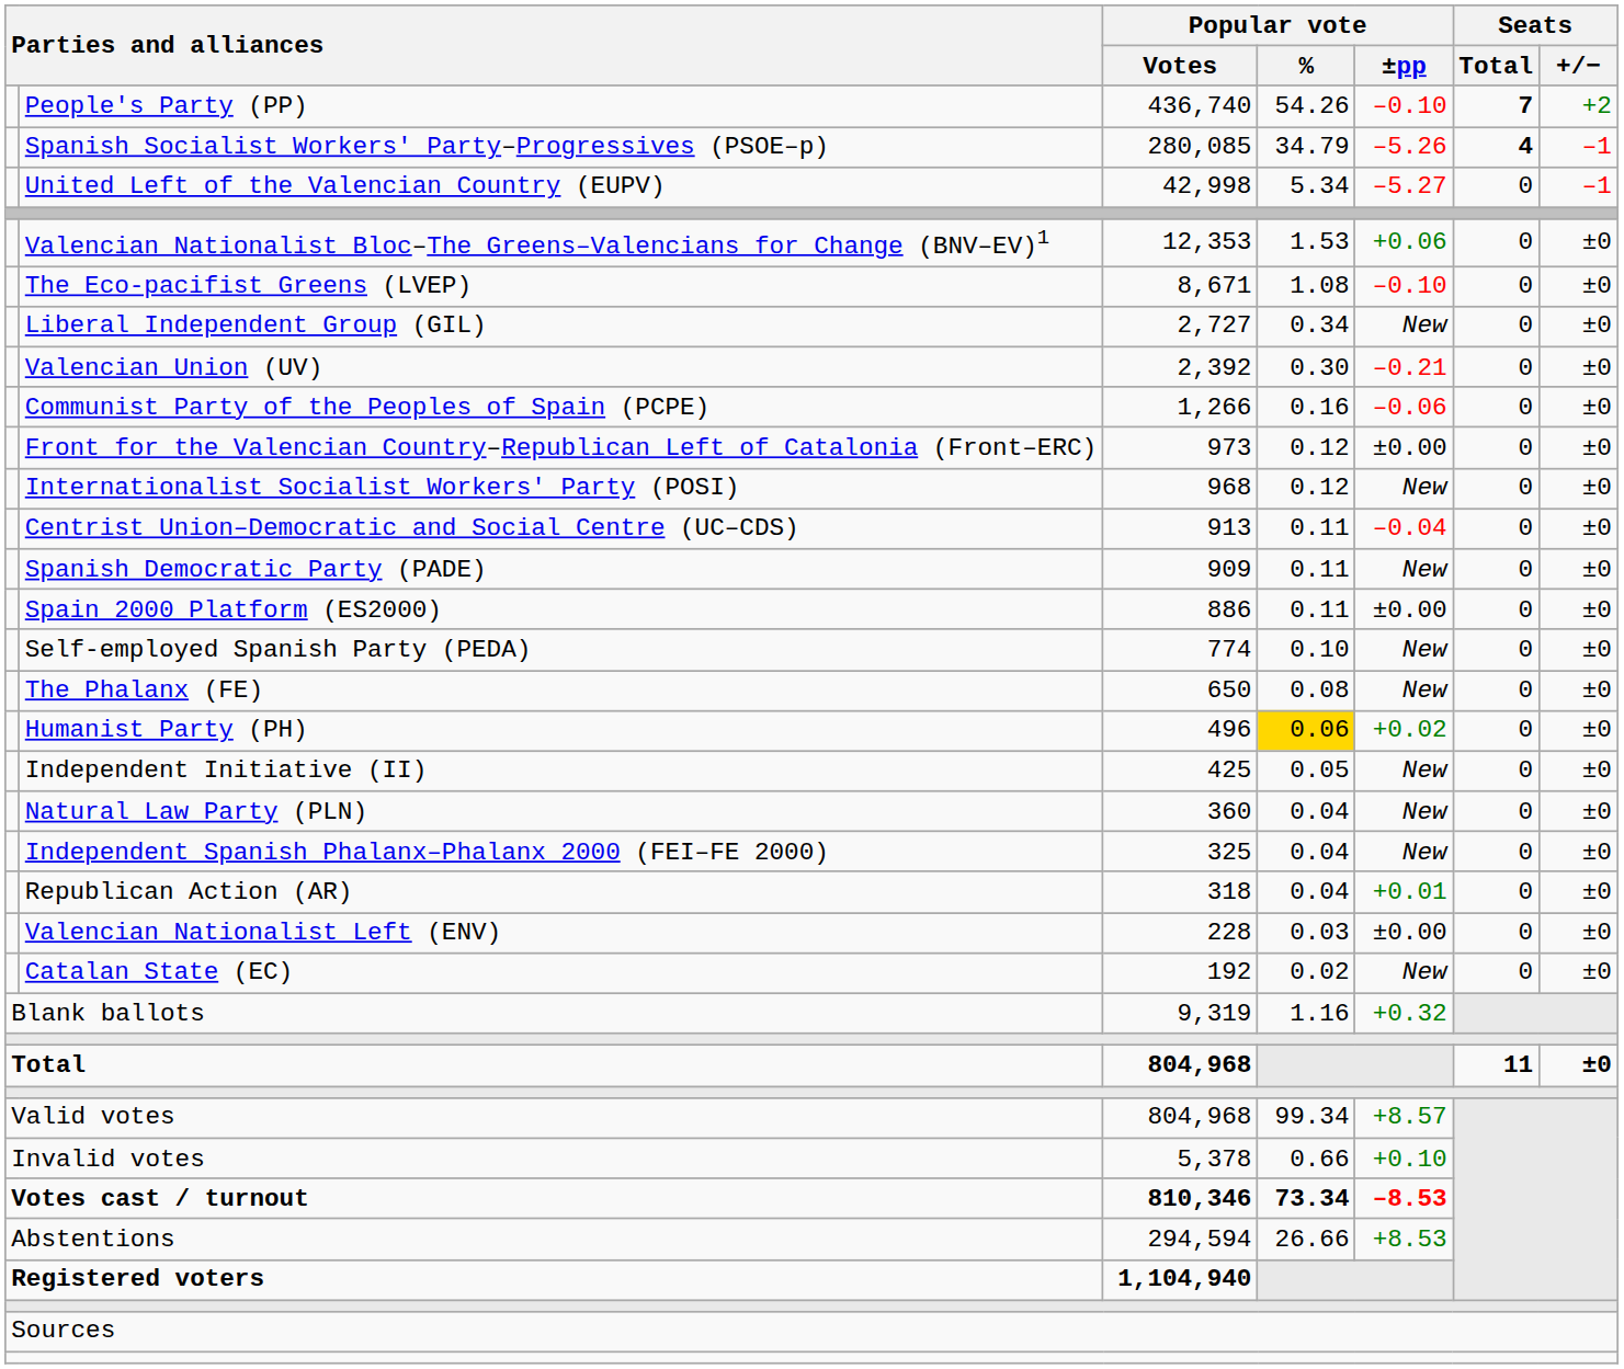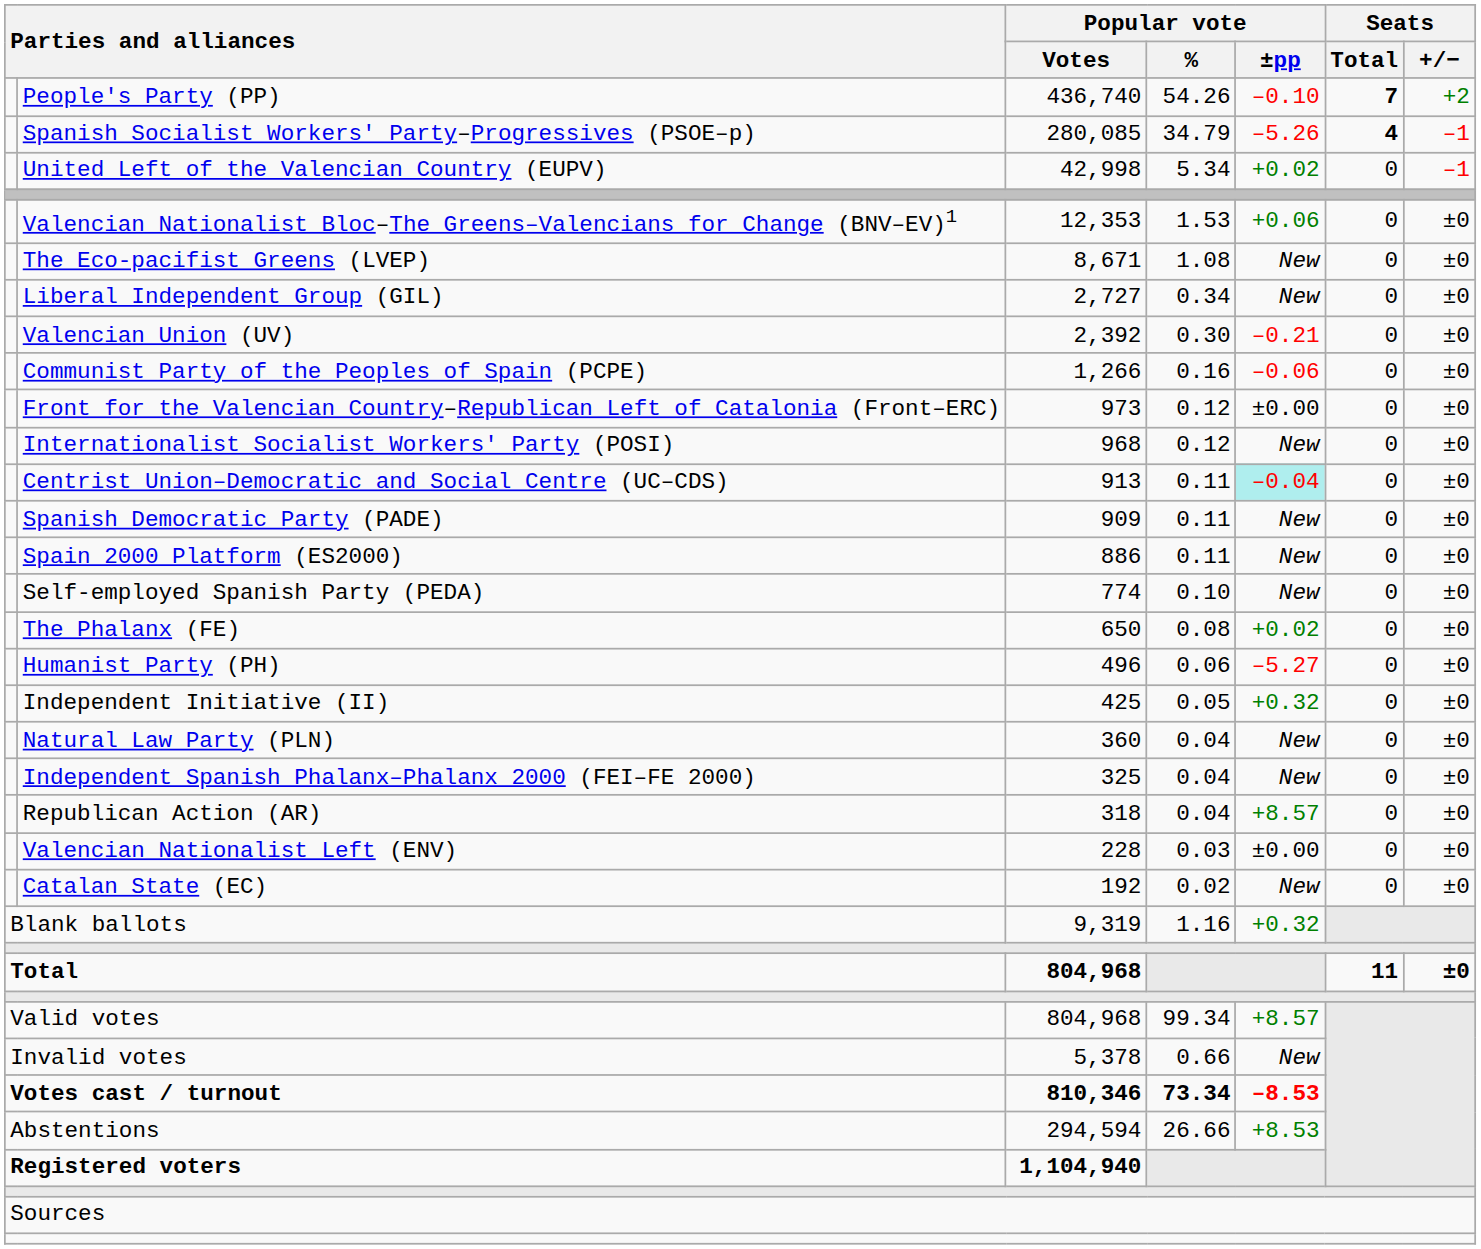 <table class="wikitable" style="text-align:right;">
 <tr>
 <th style="text-align:left;" rowspan="2" colspan="2" width="525">Parties and alliances</th>
 <th colspan="3">Popular vote</th>
 <th colspan="2">Seats</th>
 </tr>
 <tr>
 <th width="75">Votes</th>
 <th width="45">%</th>
 <th width="45">±<a href='#'>pp</a></th>
 <th width="35">Total</th>
 <th width="35">+/−</th>
 </tr>
 <tr>
 <td width="1" style="color:inherit;background:"></td>
 <td align="left"><a href='#'>People's Party</a> (PP)</td>
 <td>436,740</td>
 <td>54.26</td>
 <td style="color:red;">–0.10</td>
 <td><strong>7</strong></td>
 <td style="color:green;">+2</td>
 </tr>
 <tr>
 <td style="color:inherit;background:"></td>
 <td align="left"><a href='#'>Spanish Socialist Workers' Party</a>–<a href='#'>Progressives</a> (PSOE–p)</td>
 <td>280,085</td>
 <td>34.79</td>
 <td style="color:red;">–5.26</td>
 <td><strong>4</strong></td>
 <td style="color:red;">–1</td>
 </tr>
 <tr>
 <td style="color:inherit;background:"></td>
 <td align="left"><a href='#'>United Left of the Valencian Country</a> (EUPV)</td>
 <td>42,998</td>
 <td>5.34</td>
-<td style="color:red;">–5.27</td>
+<td style="color:green;">+0.02</td>
 <td>0</td>
 <td style="color:red;">–1</td>
 </tr>
 <tr>
 <td colspan="7" bgcolor="#C0C0C0"></td>
 </tr>
 <tr>
 <td style="color:inherit;background:"></td>
 <td align="left"><a href='#'>Valencian Nationalist Bloc</a>–<a href='#'>The Greens–Valencians for Change</a> (BNV–EV)<sup>1</sup></td>
 <td>12,353</td>
 <td>1.53</td>
 <td style="color:green;">+0.06</td>
 <td>0</td>
 <td>±0</td>
 </tr>
 <tr>
 <td style="color:inherit;background:"></td>
 <td align="left"><a href='#'>The Eco-pacifist Greens</a> (LVEP)</td>
 <td>8,671</td>
 <td>1.08</td>
-<td style="color:red;">–0.10</td>
+<td><em>New</em></td>
 <td>0</td>
 <td>±0</td>
 </tr>
 <tr>
 <td style="color:inherit;background:"></td>
 <td align="left"><a href='#'>Liberal Independent Group</a> (GIL)</td>
 <td>2,727</td>
 <td>0.34</td>
 <td><em>New</em></td>
 <td>0</td>
 <td>±0</td>
 </tr>
 <tr>
 <td style="color:inherit;background:"></td>
 <td align="left"><a href='#'>Valencian Union</a> (UV)</td>
 <td>2,392</td>
 <td>0.30</td>
 <td style="color:red;">–0.21</td>
 <td>0</td>
 <td>±0</td>
 </tr>
 <tr>
 <td style="color:inherit;background:"></td>
 <td align="left"><a href='#'>Communist Party of the Peoples of Spain</a> (PCPE)</td>
 <td>1,266</td>
 <td>0.16</td>
 <td style="color:red;">–0.06</td>
 <td>0</td>
 <td>±0</td>
 </tr>
 <tr>
 <td style="color:inherit;background:"></td>
 <td align="left"><a href='#'>Front for the Valencian Country</a>–<a href='#'>Republican Left of Catalonia</a> (Front–ERC)</td>
 <td>973</td>
 <td>0.12</td>
 <td>±0.00</td>
 <td>0</td>
 <td>±0</td>
 </tr>
 <tr>
 <td style="color:inherit;background:"></td>
 <td align="left"><a href='#'>Internationalist Socialist Workers' Party</a> (POSI)</td>
 <td>968</td>
 <td>0.12</td>
 <td><em>New</em></td>
 <td>0</td>
 <td>±0</td>
 </tr>
 <tr>
 <td style="color:inherit;background:"></td>
 <td align="left"><a href='#'>Centrist Union–Democratic and Social Centre</a> (UC–CDS)</td>
 <td>913</td>
 <td>0.11</td>
-<td style="color:red;">–0.04</td>
+<td style="background: paleturquoise; color:red;">–0.04</td>
 <td>0</td>
 <td>±0</td>
 </tr>
 <tr>
 <td style="color:inherit;background:"></td>
 <td align="left"><a href='#'>Spanish Democratic Party</a> (PADE)</td>
 <td>909</td>
 <td>0.11</td>
 <td><em>New</em></td>
 <td>0</td>
 <td>±0</td>
 </tr>
 <tr>
 <td style="color:inherit;background:"></td>
 <td align="left"><a href='#'>Spain 2000 Platform</a> (ES2000)</td>
 <td>886</td>
 <td>0.11</td>
-<td>±0.00</td>
+<td><em>New</em></td>
 <td>0</td>
 <td>±0</td>
 </tr>
 <tr>
 <td style="color:inherit;background:"></td>
 <td align="left">Self-employed Spanish Party (PEDA)</td>
 <td>774</td>
 <td>0.10</td>
 <td><em>New</em></td>
 <td>0</td>
 <td>±0</td>
 </tr>
 <tr>
 <td style="color:inherit;background:"></td>
 <td align="left"><a href='#'>The Phalanx</a> (FE)</td>
 <td>650</td>
 <td>0.08</td>
-<td><em>New</em></td>
+<td style="color:green;">+0.02</td>
 <td>0</td>
 <td>±0</td>
 </tr>
 <tr>
 <td style="color:inherit;background:"></td>
 <td align="left"><a href='#'>Humanist Party</a> (PH)</td>
 <td>496</td>
-<td style="background: gold;">0.06</td>
-<td style="color:green;">+0.02</td>
+<td>0.06</td>
+<td style="color:red;">–5.27</td>
 <td>0</td>
 <td>±0</td>
 </tr>
 <tr>
 <td style="color:inherit;background:"></td>
 <td align="left">Independent Initiative (II)</td>
 <td>425</td>
 <td>0.05</td>
-<td><em>New</em></td>
+<td style="color:green;">+0.32</td>
 <td>0</td>
 <td>±0</td>
 </tr>
 <tr>
 <td style="color:inherit;background:"></td>
 <td align="left"><a href='#'>Natural Law Party</a> (PLN)</td>
 <td>360</td>
 <td>0.04</td>
 <td><em>New</em></td>
 <td>0</td>
 <td>±0</td>
 </tr>
 <tr>
 <td style="color:inherit;background:"></td>
 <td align="left"><a href='#'>Independent Spanish Phalanx–Phalanx 2000</a> (FEI–FE 2000)</td>
 <td>325</td>
 <td>0.04</td>
 <td><em>New</em></td>
 <td>0</td>
 <td>±0</td>
 </tr>
 <tr>
 <td style="color:inherit;background:"></td>
 <td align="left">Republican Action (AR)</td>
 <td>318</td>
 <td>0.04</td>
-<td style="color:green;">+0.01</td>
+<td style="color:green;">+8.57</td>
 <td>0</td>
 <td>±0</td>
 </tr>
 <tr>
 <td style="color:inherit;background:"></td>
 <td align="left"><a href='#'>Valencian Nationalist Left</a> (ENV)</td>
 <td>228</td>
 <td>0.03</td>
 <td>±0.00</td>
 <td>0</td>
 <td>±0</td>
 </tr>
 <tr>
 <td style="color:inherit;background:"></td>
 <td align="left"><a href='#'>Catalan State</a> (EC)</td>
 <td>192</td>
 <td>0.02</td>
 <td><em>New</em></td>
 <td>0</td>
 <td>±0</td>
 </tr>
 <tr>
 <td align="left" colspan="2">Blank ballots</td>
 <td>9,319</td>
 <td>1.16</td>
 <td style="color:green;">+0.32</td>
 <td bgcolor="#E9E9E9" colspan="2"></td>
 </tr>
 <tr>
 <td colspan="7" bgcolor="#E9E9E9"></td>
 </tr>
 <tr style="font-weight:bold;">
 <td align="left" colspan="2">Total</td>
 <td>804,968</td>
 <td bgcolor="#E9E9E9" colspan="2"></td>
 <td>11</td>
 <td>±0</td>
 </tr>
 <tr>
 <td colspan="7" bgcolor="#E9E9E9"></td>
 </tr>
 <tr>
 <td align="left" colspan="2">Valid votes</td>
 <td>804,968</td>
 <td>99.34</td>
 <td style="color:green;">+8.57</td>
 <td bgcolor="#E9E9E9" colspan="2" rowspan="5"></td>
 </tr>
 <tr>
 <td align="left" colspan="2">Invalid votes</td>
 <td>5,378</td>
 <td>0.66</td>
-<td style="color:green;">+0.10</td>
+<td><em>New</em></td>
 </tr>
 <tr style="font-weight:bold;">
 <td align="left" colspan="2">Votes cast / turnout</td>
 <td>810,346</td>
 <td>73.34</td>
 <td style="color:red;">–8.53</td>
 </tr>
 <tr>
 <td align="left" colspan="2">Abstentions</td>
 <td>294,594</td>
 <td>26.66</td>
 <td style="color:green;">+8.53</td>
 </tr>
 <tr style="font-weight:bold;">
 <td align="left" colspan="2">Registered voters</td>
 <td>1,104,940</td>
 <td bgcolor="#E9E9E9" colspan="2"></td>
 </tr>
 <tr>
 <td colspan="7" bgcolor="#E9E9E9"></td>
 </tr>
 <tr>
 <td align="left" colspan="7">Sources</td>
 </tr>
 <tr>
 <td colspan="7" style="text-align:left; max-width:790px;"></td>
 </tr>
 </table>
